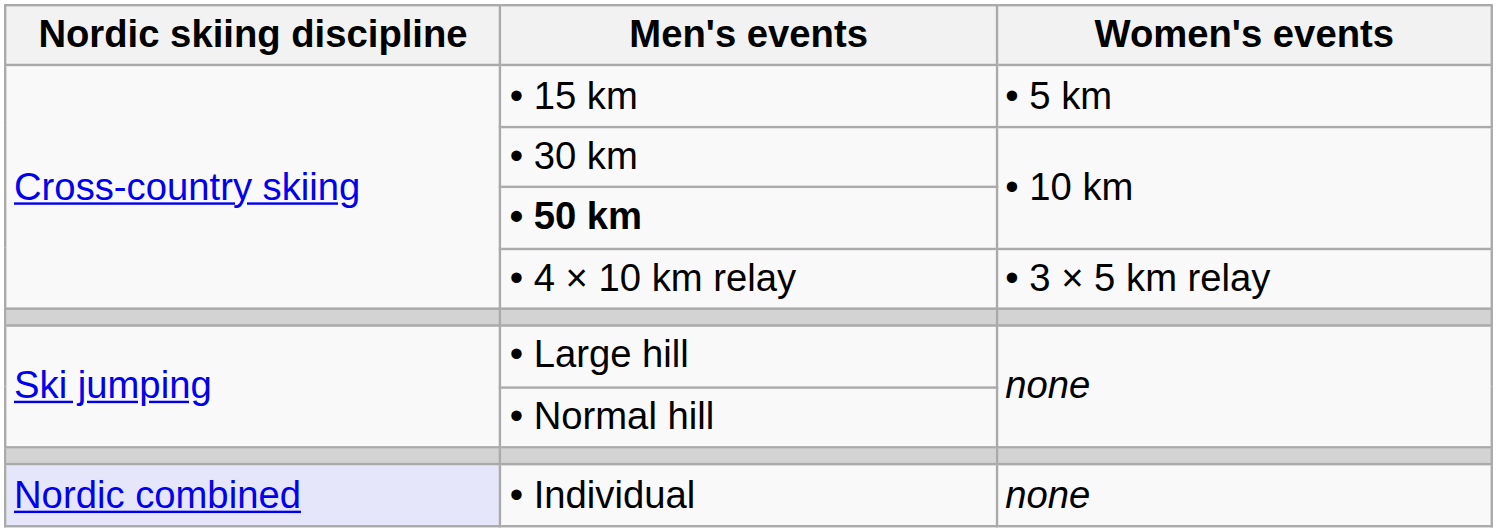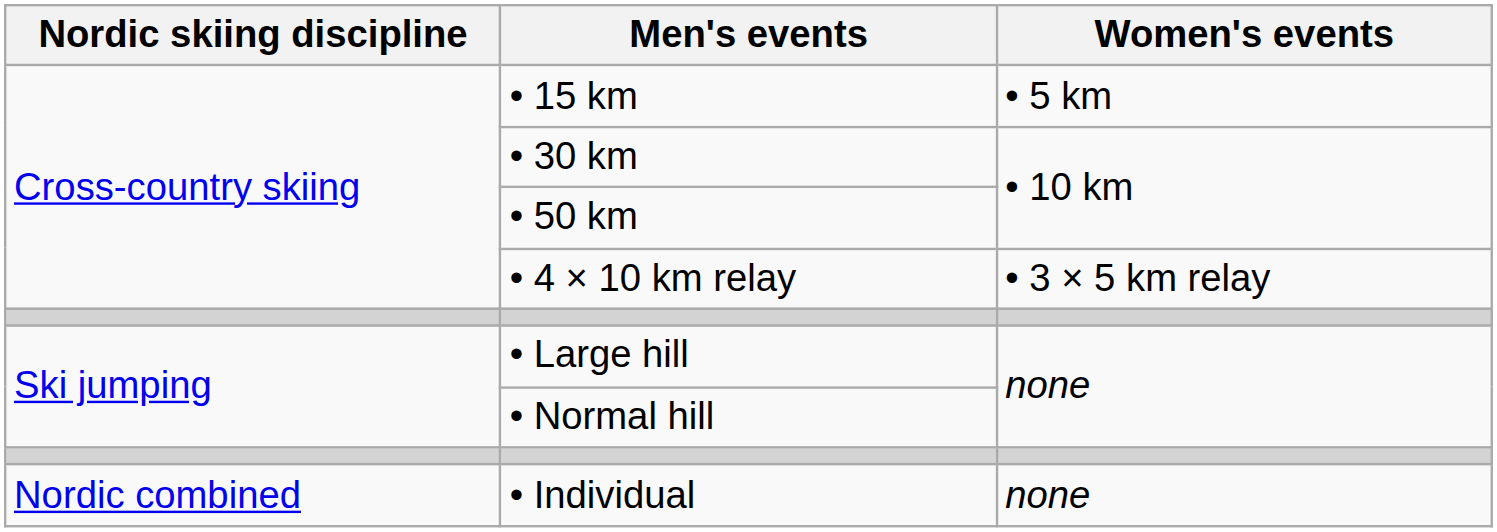 <table class="wikitable">
 <tr>
 <th width=200!>Nordic skiing discipline</th>
 <th width=200!>Men's events</th>
 <th width=200!>Women's events</th>
 </tr>
 <tr>
 <td rowspan=4><a href='#'>Cross-country skiing</a></td>
 <td>• 15 km</td>
 <td>• 5 km</td>
 </tr>
 <tr>
 <td>• 30 km</td>
 <td rowspan=2>• 10 km</td>
 </tr>
 <tr>
-<td><strong>• 50 km</strong></td>
+<td>• 50 km</td>
 </tr>
 <tr>
 <td>• 4 × 10 km relay</td>
 <td>• 3 × 5 km relay</td>
 </tr>
 <tr bgcolor=lightgray>
 <td></td>
 <td></td>
 <td></td>
 </tr>
 <tr>
 <td rowspan=2><a href='#'>Ski jumping</a></td>
 <td>• Large hill</td>
 <td rowspan=2><em>none</em></td>
 </tr>
 <tr>
 <td>• Normal hill</td>
 </tr>
 <tr bgcolor=lightgray>
 <td></td>
 <td></td>
 <td></td>
 </tr>
 <tr>
-<td style="background: lavender;"><a href='#'>Nordic combined</a></td>
+<td><a href='#'>Nordic combined</a></td>
 <td>• Individual</td>
 <td><em>none</em></td>
 </tr>
 </table>
